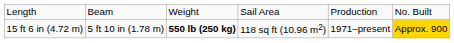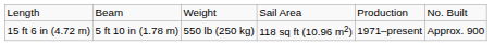 <table class="wikitable">
 <tr>
 <td>Length</td>
 <td>Beam</td>
 <td>Weight</td>
 <td>Sail Area</td>
 <td>Production</td>
 <td>No. Built</td>
 </tr>
 <tr>
 <td>15 ft 6 in (4.72 m)</td>
 <td>5 ft 10 in (1.78 m)</td>
-<td><strong>550 lb (250 kg)</strong></td>
+<td>550 lb (250 kg)</td>
 <td>118 sq ft (10.96 m<sup>2</sup>)</td>
 <td>1971–present</td>
-<td style="background: gold;">Approx. 900</td>
+<td>Approx. 900</td>
 </tr>
 </table>
